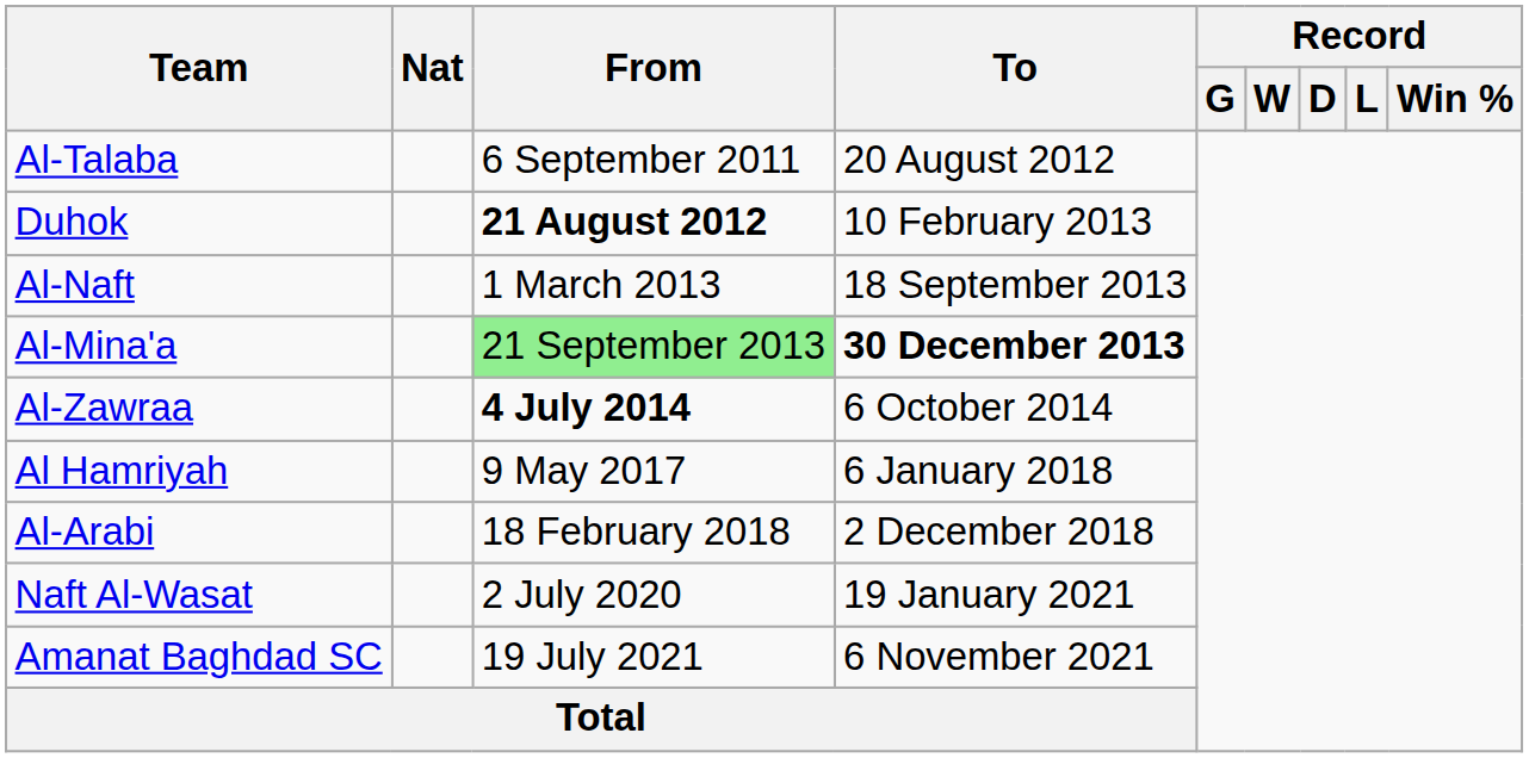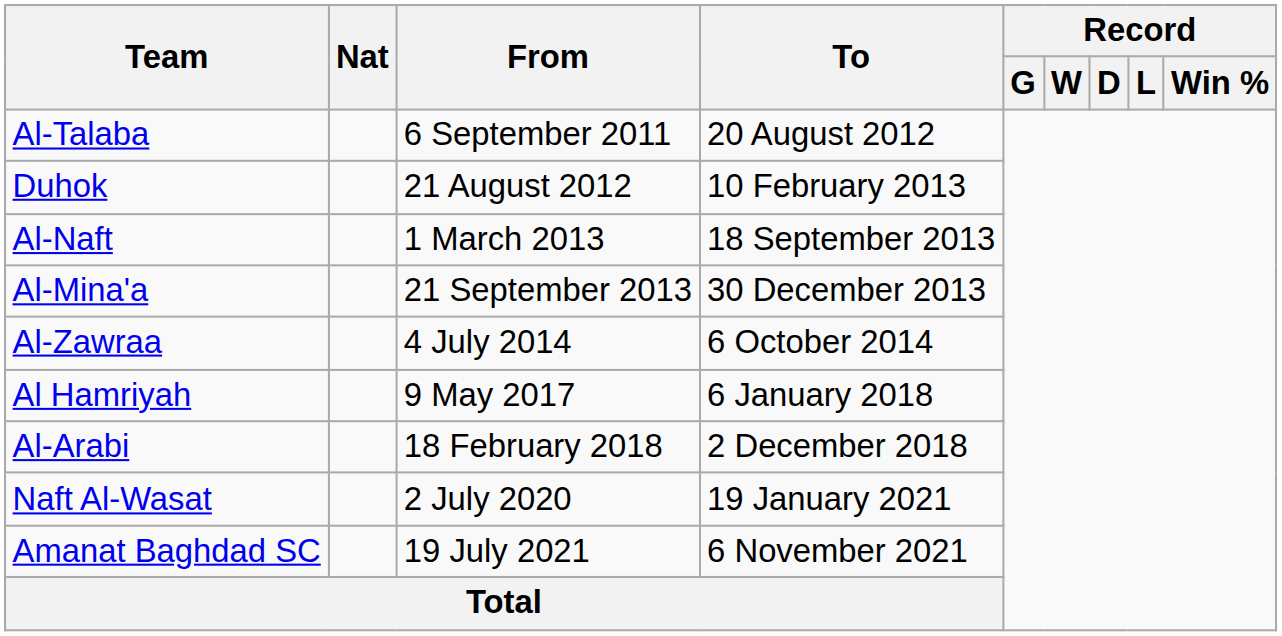 <table class="wikitable" style="text-align: center">
 <tr>
 <th rowspan="2">Team</th>
 <th rowspan="2">Nat</th>
 <th rowspan="2">From</th>
 <th rowspan="2">To</th>
 <th colspan="5">Record</th>
 </tr>
 <tr>
 <th>G</th>
 <th>W</th>
 <th>D</th>
 <th>L</th>
 <th>Win %</th>
 </tr>
 <tr>
 <td align=left><a href='#'>Al-Talaba</a></td>
 <td></td>
 <td align=left>6 September 2011</td>
 <td align=left>20 August 2012<br></td>
 </tr>
 <tr>
 <td align=left><a href='#'>Duhok</a></td>
 <td></td>
-<td align=left><strong>21 August 2012</strong></td>
+<td align=left>21 August 2012</td>
 <td align=left>10 February 2013<br></td>
 </tr>
 <tr>
 <td align=left><a href='#'>Al-Naft</a></td>
 <td></td>
 <td align=left>1 March 2013</td>
 <td align=left>18 September 2013<br></td>
 </tr>
 <tr>
 <td align=left><a href='#'>Al-Mina'a</a></td>
 <td></td>
-<td align=left style="background: lightgreen;">21 September 2013</td>
-<td align=left><strong>30 December 2013<br></strong></td>
+<td align=left>21 September 2013</td>
+<td align=left>30 December 2013<br></td>
 </tr>
 <tr>
 <td align=left><a href='#'>Al-Zawraa</a></td>
 <td></td>
-<td align=left><strong>4 July 2014</strong></td>
+<td align=left>4 July 2014</td>
 <td align=left>6 October 2014<br></td>
 </tr>
 <tr>
 <td align=left><a href='#'>Al Hamriyah</a></td>
 <td></td>
 <td align=left>9 May 2017</td>
 <td align=left>6 January 2018<br></td>
 </tr>
 <tr>
 <td align=left><a href='#'>Al-Arabi</a></td>
 <td></td>
 <td align=left>18 February 2018</td>
 <td align=left>2 December 2018<br></td>
 </tr>
 <tr>
 <td align=left><a href='#'>Naft Al-Wasat</a></td>
 <td></td>
 <td align=left>2 July 2020</td>
 <td align=left>19 January 2021<br></td>
 </tr>
 <tr>
 <td align=left><a href='#'>Amanat Baghdad SC</a></td>
 <td></td>
 <td align=left>19 July 2021</td>
 <td align=left>6 November 2021<br></td>
 </tr>
 <tr>
 <th colspan="4" align="center" valign=middle>Total<br></th>
 </tr>
 </table>
